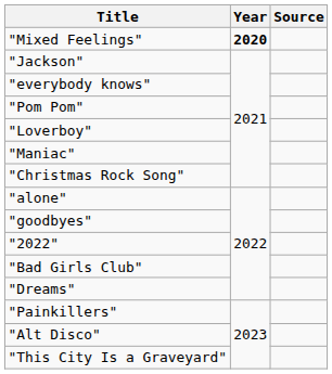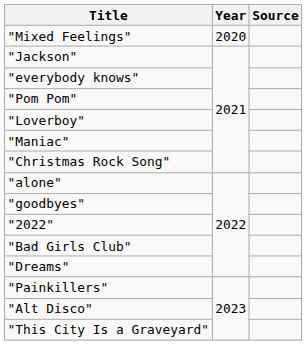 <table class="wikitable">
 <tr>
 <th>Title</th>
 <th>Year</th>
 <th>Source</th>
 </tr>
 <tr>
 <td>"Mixed Feelings"</td>
-<td><strong>2020</strong></td>
+<td>2020</td>
 <td></td>
 </tr>
 <tr>
 <td>"Jackson"</td>
 <td rowspan="6">2021</td>
 <td></td>
 </tr>
 <tr>
 <td>"everybody knows"</td>
 <td></td>
 </tr>
 <tr>
 <td>"Pom Pom"</td>
 <td></td>
 </tr>
 <tr>
 <td>"Loverboy"</td>
 <td></td>
 </tr>
 <tr>
 <td>"Maniac"</td>
 <td></td>
 </tr>
 <tr>
 <td>"Christmas Rock Song"</td>
 <td></td>
 </tr>
 <tr>
 <td>"alone"</td>
 <td rowspan="5">2022</td>
 <td></td>
 </tr>
 <tr>
 <td>"goodbyes"</td>
 <td></td>
 </tr>
 <tr>
 <td>"2022"</td>
 <td></td>
 </tr>
 <tr>
 <td>"Bad Girls Club"</td>
 <td></td>
 </tr>
 <tr>
 <td>"Dreams"</td>
 <td></td>
 </tr>
 <tr>
 <td>"Painkillers"</td>
 <td rowspan="3">2023</td>
 <td></td>
 </tr>
 <tr>
 <td>"Alt Disco"</td>
 <td></td>
 </tr>
 <tr>
 <td>"This City Is a Graveyard"</td>
 <td></td>
 </tr>
 </table>
